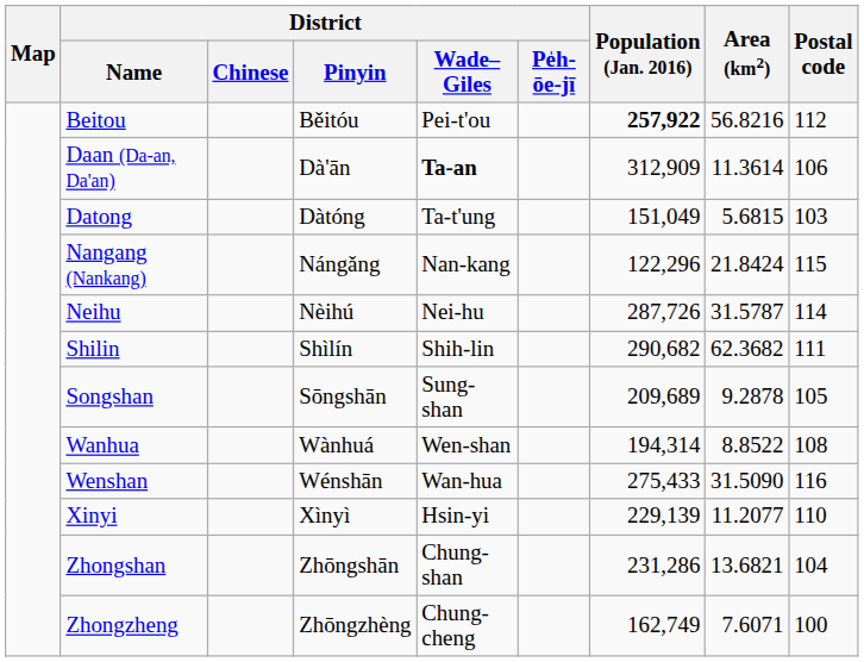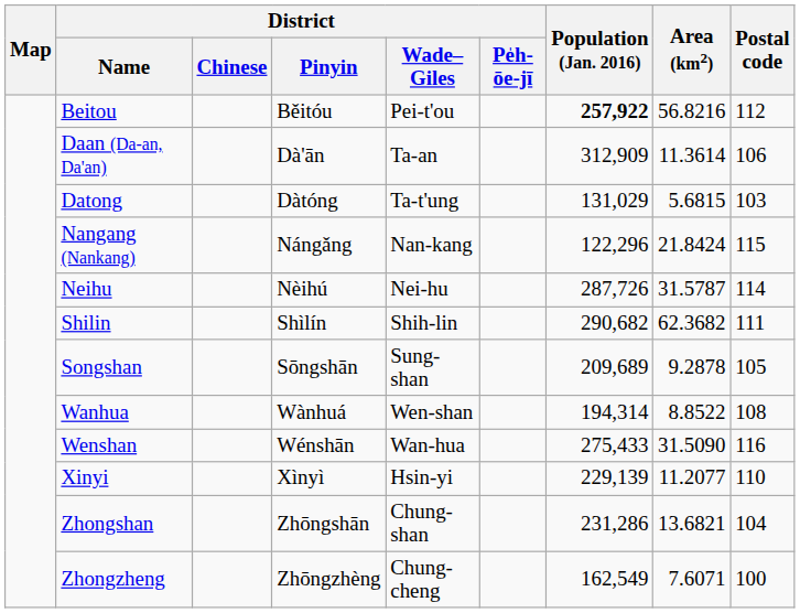 <table class=wikitable>
 <tr>
 <th rowspan=2>Map</th>
 <th colspan=5>District</th>
 <th rowspan=2>Population<br><small>(Jan. 2016)</small></th>
 <th rowspan=2>Area<br><small>(km<sup>2</sup>)</small></th>
 <th rowspan=2>Postal<br>code</th>
 </tr>
 <tr align=center>
 <th>Name</th>
 <th><a href='#'>Chinese</a></th>
 <th><a href='#'>Pinyin</a></th>
 <th><a href='#'>Wade–Giles</a></th>
 <th><a href='#'>Pe̍h-ōe-jī</a></th>
 </tr>
 <tr>
 <td rowspan=12><div><br>              </div></td>
 <td><a href='#'>Beitou</a></td>
 <td></td>
 <td>Běitóu</td>
 <td>Pei-t'ou</td>
 <td></td>
 <td align=right><strong>257,922</strong></td>
 <td align=right>56.8216</td>
 <td>112</td>
 </tr>
 <tr>
 <td><a href='#'>Daan <small>(Da-an, Da'an)</small></a></td>
 <td></td>
 <td>Dà'ān</td>
-<td><strong>Ta-an</strong></td>
+<td>Ta-an</td>
 <td></td>
 <td align=right>312,909</td>
 <td align=right>11.3614</td>
 <td>106</td>
 </tr>
 <tr>
 <td><a href='#'>Datong</a></td>
 <td></td>
 <td>Dàtóng</td>
 <td>Ta-t'ung</td>
 <td></td>
-<td align=right>151,049</td>
+<td align=right>131,029</td>
 <td align=right>5.6815</td>
 <td>103</td>
 </tr>
 <tr>
 <td><a href='#'>Nangang <small>(Nankang)</small></a></td>
 <td></td>
 <td>Nángǎng</td>
 <td>Nan-kang</td>
 <td></td>
 <td align=right>122,296</td>
 <td align=right>21.8424</td>
 <td>115</td>
 </tr>
 <tr>
 <td><a href='#'>Neihu</a></td>
 <td></td>
 <td>Nèihú</td>
 <td>Nei-hu</td>
 <td></td>
 <td align=right>287,726</td>
 <td align=right>31.5787</td>
 <td>114</td>
 </tr>
 <tr>
 <td><a href='#'>Shilin</a></td>
 <td></td>
 <td>Shìlín</td>
 <td>Shih-lin</td>
 <td></td>
 <td align=right>290,682</td>
 <td align=right>62.3682</td>
 <td>111</td>
 </tr>
 <tr>
 <td><a href='#'>Songshan</a></td>
 <td></td>
 <td>Sōngshān</td>
 <td>Sung-shan</td>
 <td></td>
 <td align=right>209,689</td>
 <td align=right>9.2878</td>
 <td>105</td>
 </tr>
 <tr>
 <td><a href='#'>Wanhua</a></td>
 <td></td>
 <td>Wànhuá</td>
 <td>Wen-shan</td>
 <td></td>
 <td align=right>194,314</td>
 <td align=right>8.8522</td>
 <td>108</td>
 </tr>
 <tr>
 <td><a href='#'>Wenshan</a></td>
 <td></td>
 <td>Wénshān</td>
 <td>Wan-hua</td>
 <td></td>
 <td align=right>275,433</td>
 <td align=right>31.5090</td>
 <td>116</td>
 </tr>
 <tr>
 <td><a href='#'>Xinyi</a></td>
 <td></td>
 <td>Xìnyì</td>
 <td>Hsin-yi</td>
 <td></td>
 <td align=right>229,139</td>
 <td align=right>11.2077</td>
 <td>110</td>
 </tr>
 <tr>
 <td><a href='#'>Zhongshan</a></td>
 <td></td>
 <td>Zhōngshān</td>
 <td>Chung-shan</td>
 <td></td>
 <td align=right>231,286</td>
 <td align=right>13.6821</td>
 <td>104</td>
 </tr>
 <tr>
 <td><a href='#'>Zhongzheng</a></td>
 <td></td>
 <td>Zhōngzhèng</td>
 <td>Chung-cheng</td>
 <td></td>
-<td align=right>162,749</td>
+<td align=right>162,549</td>
 <td align=right>7.6071</td>
 <td>100</td>
 </tr>
 </table>
